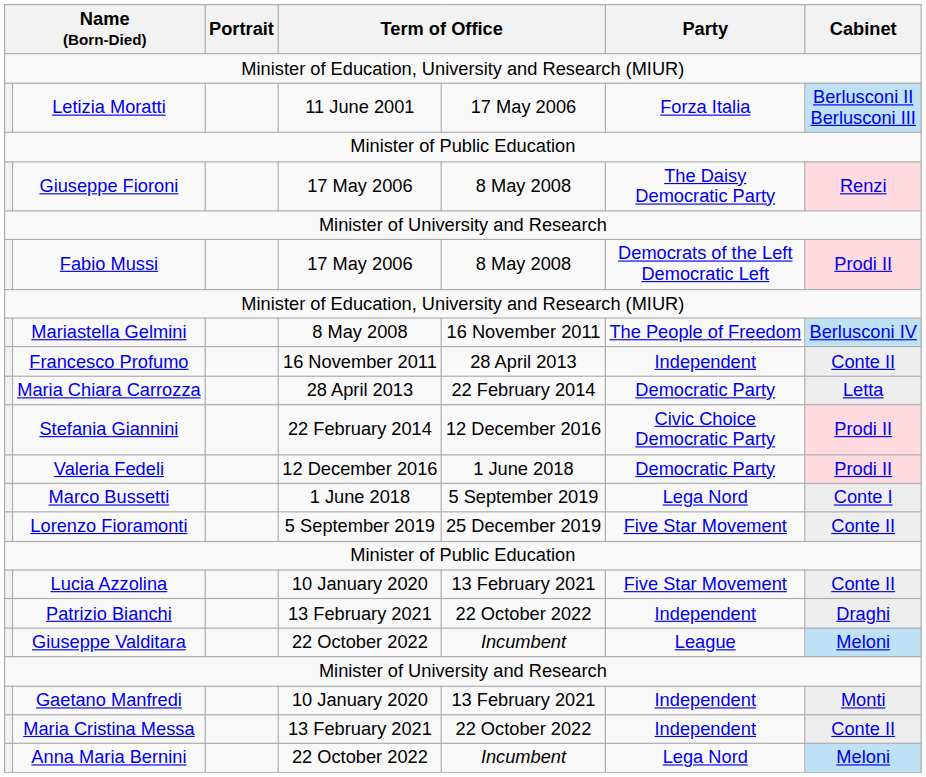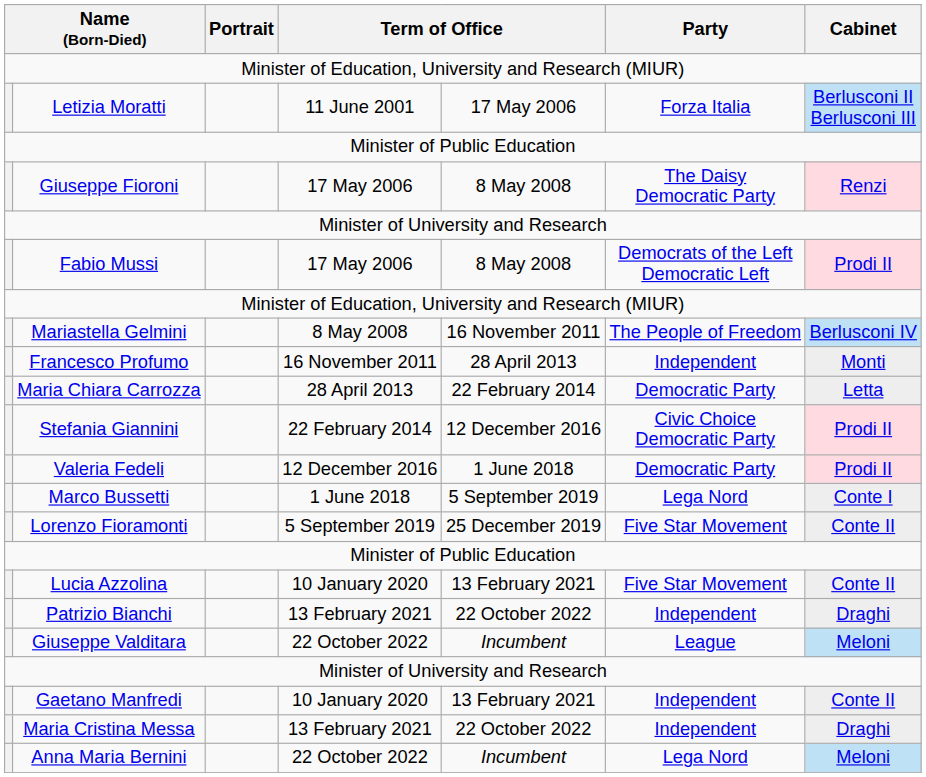 <table class="wikitable" style="text-align:center">
 <tr>
 <th colspan=2>Name<br><small>(Born-Died)</small></th>
 <th>Portrait</th>
 <th colspan=2>Term of Office</th>
 <th>Party</th>
 <th>Cabinet</th>
 </tr>
 <tr>
 <td colspan="7">Minister of Education, University and Research (MIUR)</td>
 </tr>
 <tr>
 <th style="background:"></th>
 <td><a href='#'>Letizia Moratti</a><br></td>
 <td></td>
 <td>11 June 2001</td>
 <td>17 May 2006</td>
 <td><a href='#'>Forza Italia</a></td>
 <td bgcolor=#BEE1F5><a href='#'>Berlusconi II</a><br><a href='#'>Berlusconi III</a></td>
 </tr>
 <tr>
 <td colspan="7">Minister of Public Education</td>
 </tr>
 <tr>
 <th style="background:"></th>
 <td><a href='#'>Giuseppe Fioroni</a><br></td>
 <td></td>
 <td>17 May 2006</td>
 <td>8 May 2008</td>
 <td><a href='#'>The Daisy</a><br><a href='#'>Democratic Party</a></td>
 <td bgcolor=#FFDAE1><a href='#'>Renzi</a></td>
 </tr>
 <tr>
 <td colspan="7">Minister of University and Research</td>
 </tr>
 <tr>
 <th style="background:"></th>
 <td><a href='#'>Fabio Mussi</a><br></td>
 <td></td>
 <td>17 May 2006</td>
 <td>8 May 2008</td>
 <td><a href='#'>Democrats of the Left</a><br><a href='#'>Democratic Left</a></td>
 <td bgcolor=#FFDAE1><a href='#'>Prodi II</a></td>
 </tr>
 <tr>
 <td colspan="7" align=center>Minister of Education, University and Research (MIUR)</td>
 </tr>
 <tr>
 <th style="background:"></th>
 <td><a href='#'>Mariastella Gelmini</a><br></td>
 <td></td>
 <td>8 May 2008</td>
 <td>16 November 2011</td>
 <td><a href='#'>The People of Freedom</a></td>
 <td bgcolor=#BEE1F5><a href='#'>Berlusconi IV</a></td>
 </tr>
 <tr>
 <th style="background:"></th>
 <td><a href='#'>Francesco Profumo</a><br></td>
 <td></td>
 <td>16 November 2011</td>
 <td>28 April 2013</td>
 <td><a href='#'>Independent</a></td>
-<td bgcolor=#EEEEEE><a href='#'>Conte II</a></td>
+<td bgcolor=#EEEEEE><a href='#'>Monti</a></td>
 </tr>
 <tr>
 <th style="background:"></th>
 <td><a href='#'>Maria Chiara Carrozza</a><br></td>
 <td></td>
 <td>28 April 2013</td>
 <td>22 February 2014</td>
 <td><a href='#'>Democratic Party</a></td>
 <td bgcolor=#EEEEEE><a href='#'>Letta</a></td>
 </tr>
 <tr>
 <th style="background:"></th>
 <td><a href='#'>Stefania Giannini</a><br></td>
 <td></td>
 <td>22 February 2014</td>
 <td>12 December 2016</td>
 <td><a href='#'>Civic Choice</a><br><a href='#'>Democratic Party</a></td>
 <td bgcolor=#FFDAE1><a href='#'>Prodi II</a></td>
 </tr>
 <tr>
 <th style="background:"></th>
 <td><a href='#'>Valeria Fedeli</a><br></td>
 <td></td>
 <td>12 December 2016</td>
 <td>1 June 2018</td>
 <td><a href='#'>Democratic Party</a></td>
 <td bgcolor=#FFDAE1><a href='#'>Prodi II</a></td>
 </tr>
 <tr>
 <th style="background:"></th>
 <td><a href='#'>Marco Bussetti</a><br></td>
 <td></td>
 <td>1 June 2018</td>
 <td>5 September 2019</td>
 <td><a href='#'>Lega Nord</a></td>
 <td bgcolor=#EEEEEE><a href='#'>Conte I</a></td>
 </tr>
 <tr>
 <th style="background:"></th>
 <td><a href='#'>Lorenzo Fioramonti</a><br></td>
 <td></td>
 <td>5 September 2019</td>
 <td>25 December 2019</td>
 <td><a href='#'>Five Star Movement</a></td>
 <td bgcolor=#EEEEEE><a href='#'>Conte II</a></td>
 </tr>
 <tr>
 <td colspan="7">Minister of Public Education</td>
 </tr>
 <tr>
 <th style="background:"></th>
 <td><a href='#'>Lucia Azzolina</a><br></td>
 <td></td>
 <td>10 January 2020</td>
 <td>13 February 2021</td>
 <td><a href='#'>Five Star Movement</a></td>
 <td bgcolor=#EEEEEE><a href='#'>Conte II</a></td>
 </tr>
 <tr>
 <th style="background:"></th>
 <td><a href='#'>Patrizio Bianchi</a><br></td>
 <td></td>
 <td>13 February 2021</td>
 <td>22 October 2022</td>
 <td><a href='#'>Independent</a></td>
 <td bgcolor=#EEEEEE><a href='#'>Draghi</a></td>
 </tr>
 <tr>
 <th style="background:"></th>
 <td><a href='#'>Giuseppe Valditara</a><br></td>
 <td></td>
 <td>22 October 2022</td>
 <td><em>Incumbent</em></td>
 <td><a href='#'>League</a></td>
 <td bgcolor=#BEE1F5><a href='#'>Meloni</a></td>
 </tr>
 <tr>
 <td colspan="7">Minister of University and Research</td>
 </tr>
 <tr>
 <th style="background:"></th>
 <td><a href='#'>Gaetano Manfredi</a><br></td>
 <td></td>
 <td>10 January 2020</td>
 <td>13 February 2021</td>
 <td><a href='#'>Independent</a></td>
-<td bgcolor=#EEEEEE><a href='#'>Monti</a></td>
+<td bgcolor=#EEEEEE><a href='#'>Conte II</a></td>
 </tr>
 <tr>
 <th style="background:"></th>
 <td><a href='#'>Maria Cristina Messa</a><br></td>
 <td></td>
 <td>13 February 2021</td>
 <td>22 October 2022</td>
 <td><a href='#'>Independent</a></td>
-<td bgcolor=#EEEEEE><a href='#'>Conte II</a></td>
+<td bgcolor=#EEEEEE><a href='#'>Draghi</a></td>
 </tr>
 <tr>
 <th style="background:"></th>
 <td><a href='#'>Anna Maria Bernini</a><br></td>
 <td></td>
 <td>22 October 2022</td>
 <td><em>Incumbent</em></td>
 <td><a href='#'>Lega Nord</a></td>
 <td bgcolor=#BEE1F5><a href='#'>Meloni</a></td>
 </tr>
 <tr>
 </tr>
 </table>
